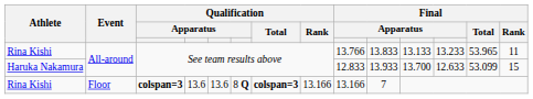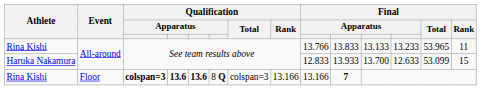 <table class=wikitable style=font-size:90%>
 <tr>
 <th rowspan=3>Athlete</th>
 <th rowspan=3>Event</th>
 <th colspan=6>Qualification</th>
 <th colspan=6>Final</th>
 </tr>
 <tr style=font-size:95%>
 <th colspan=4>Apparatus</th>
 <th rowspan=2>Total</th>
 <th rowspan=2>Rank</th>
 <th colspan=4>Apparatus</th>
 <th rowspan=2>Total</th>
 <th rowspan=2>Rank</th>
 </tr>
 <tr style=font-size:95%>
 <th></th>
 <th></th>
 <th></th>
 <th></th>
 <th></th>
 <th></th>
 <th></th>
 <th></th>
 </tr>
 <tr align=center>
 <td align=left><a href='#'>Rina Kishi</a></td>
 <td align=left rowspan=2><a href='#'>All-around</a></td>
 <td rowspan=2 colspan=6><em>See team results above</em></td>
 <td>13.766</td>
 <td>13.833</td>
 <td>13.133</td>
 <td>13.233</td>
 <td>53.965</td>
 <td>11</td>
 </tr>
 <tr align=center>
 <td align=left><a href='#'>Haruka Nakamura</a></td>
 <td>12.833</td>
 <td>13.933</td>
 <td>13.700</td>
 <td>12.633</td>
 <td>53.099</td>
 <td>15</td>
 </tr>
 <tr align=center>
 <td align=left><a href='#'>Rina Kishi</a></td>
 <td align=left><a href='#'>Floor</a></td>
 <td><strong>colspan=3 </strong></td>
-<td>13.6</td>
-<td>13.6</td>
+<td><strong>13.6</strong></td>
+<td><strong>13.6</strong></td>
 <td>8 <strong>Q</strong></td>
-<td><strong>colspan=3 </strong></td>
+<td>colspan=3 </td>
 <td>13.166</td>
 <td>13.166</td>
-<td>7</td>
+<td><strong>7</strong></td>
 </tr>
 </table>
